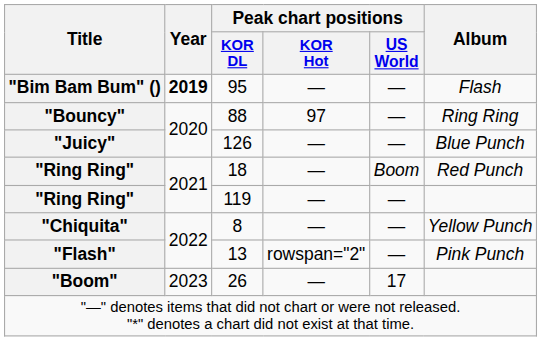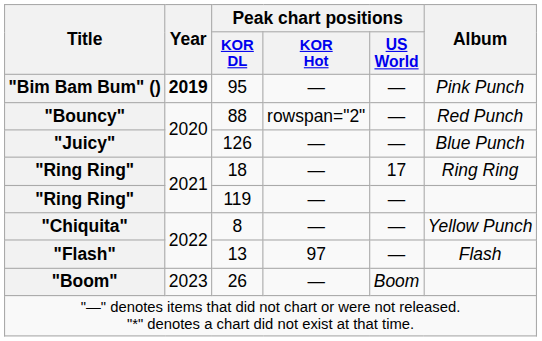 <table class="wikitable plainrowheaders" style="text-align:center">
 <tr>
 <th scope="col" rowspan="2">Title</th>
 <th scope="col" rowspan="2">Year</th>
 <th scope="col" colspan="3">Peak chart positions</th>
 <th scope="col" rowspan="2">Album</th>
 </tr>
 <tr>
 <th scope="col" style="width:3em;font-size:85%"><a href='#'>KOR<br>DL</a><br></th>
 <th scope="col" style="width:3em;font-size:85%"><a href='#'>KOR<br>Hot</a><br></th>
 <th scope="col" style="width:3em;font-size:90%"><a href='#'>US<br>World</a><br></th>
 </tr>
 <tr>
 <th scope="row">"Bim Bam Bum" ()</th>
 <td><strong>2019</strong></td>
 <td>95</td>
 <td>—</td>
 <td>—</td>
-<td><em>Flash</em></td>
+<td><em>Pink Punch</em></td>
 </tr>
 <tr>
 <th scope="row">"Bouncy"</th>
 <td rowspan="2">2020</td>
 <td>88</td>
-<td>97</td>
+<td>rowspan="2" </td>
 <td>—</td>
-<td><em>Ring Ring</em></td>
+<td><em>Red Punch</em></td>
 </tr>
 <tr>
 <th scope="row">"Juicy"</th>
 <td>126</td>
 <td>—</td>
 <td>—</td>
 <td><em>Blue Punch</em></td>
 </tr>
 <tr>
 <th scope="row">"Ring Ring"</th>
 <td rowspan="2">2021</td>
 <td>18</td>
 <td>—</td>
-<td><em>Boom</em></td>
-<td><em>Red Punch</em></td>
+<td>17</td>
+<td><em>Ring Ring</em></td>
 </tr>
 <tr>
 <th scope="row">"Ring Ring" </th>
 <td>119</td>
 <td>—</td>
 <td>—</td>
 <td></td>
 </tr>
 <tr>
 <th scope="row">"Chiquita"</th>
 <td rowspan="2">2022</td>
 <td>8</td>
 <td>—</td>
 <td>—</td>
 <td><em>Yellow Punch</em></td>
 </tr>
 <tr>
 <th scope="row">"Flash"</th>
 <td>13</td>
-<td>rowspan="2" </td>
+<td>97</td>
 <td>—</td>
-<td><em>Pink Punch</em></td>
+<td><em>Flash</em></td>
 </tr>
 <tr>
 <th scope="row">"Boom"</th>
 <td>2023</td>
 <td>26</td>
 <td>—</td>
-<td>17</td>
+<td><em>Boom</em></td>
 </tr>
 <tr>
 <td colspan="6" style="font-size:85%">"—" denotes items that did not chart or were not released.<br>"*" denotes a chart did not exist at that time.</td>
 </tr>
 </table>
